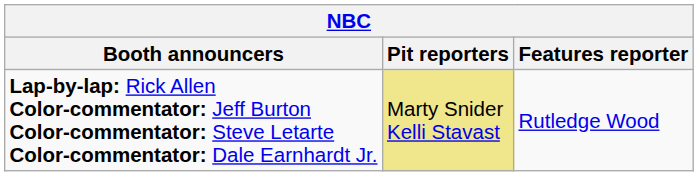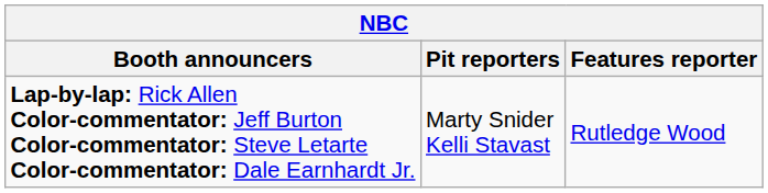 <table class="wikitable" style="font-size: 95%">
 <tr>
 <th colspan="3"><a href='#'>NBC</a></th>
 </tr>
 <tr>
 <th>Booth announcers</th>
 <th>Pit reporters</th>
 <th>Features reporter</th>
 </tr>
 <tr>
 <td><strong>Lap-by-lap:</strong> <a href='#'>Rick Allen</a><br><strong>Color-commentator:</strong> <a href='#'>Jeff Burton</a><br><strong>Color-commentator:</strong> <a href='#'>Steve Letarte</a><br><strong>Color-commentator:</strong> <a href='#'>Dale Earnhardt Jr.</a></td>
-<td style="background: khaki;">Marty Snider<br><a href='#'>Kelli Stavast</a></td>
+<td>Marty Snider<br><a href='#'>Kelli Stavast</a></td>
 <td><a href='#'>Rutledge Wood</a></td>
 </tr>
 </table>
